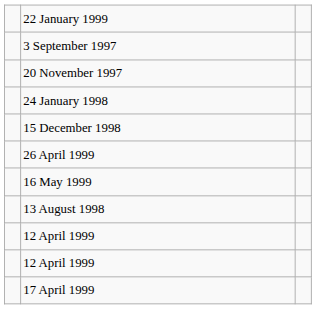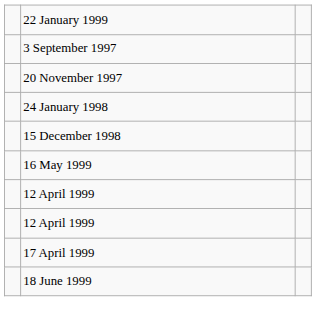 <table class="wikitable" style="font-size: 89%; float: left; width: 24em; margin-right: 1em; line-height: 1.65em !important; height: 324px;">
 <tr>
 <td></td>
 <td>22 January 1999</td>
 <td></td>
 </tr>
 <tr>
 <td></td>
 <td>3 September 1997</td>
 <td></td>
 </tr>
 <tr>
 <td></td>
 <td>20 November 1997</td>
 <td></td>
 </tr>
 <tr>
 <td></td>
 <td>24 January 1998</td>
 <td></td>
 </tr>
 <tr>
 <td></td>
 <td>15 December 1998</td>
 <td></td>
 </tr>
 <tr>
 <td></td>
-<td>26 April 1999</td>
-<td></td>
-</tr>
-<tr>
-<td></td>
 <td>16 May 1999</td>
-<td></td>
-</tr>
-<tr>
-<td></td>
-<td>13 August 1998</td>
 <td></td>
 </tr>
 <tr>
 <td></td>
 <td>12 April 1999</td>
 <td></td>
 </tr>
 <tr>
 <td></td>
 <td>12 April 1999</td>
 <td></td>
 </tr>
 <tr>
 <td></td>
 <td>17 April 1999</td>
 <td></td>
 </tr>
+<tr>
+<td></td>
+<td>18 June 1999</td>
+<td></td>
+</tr>
 </table>
